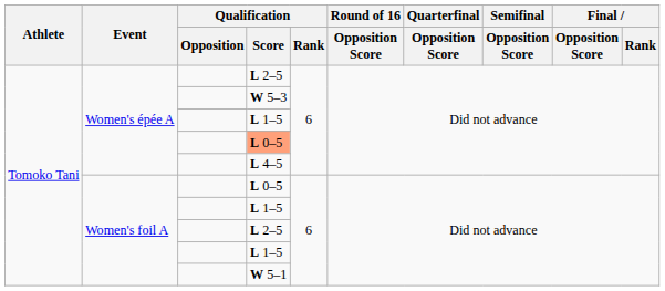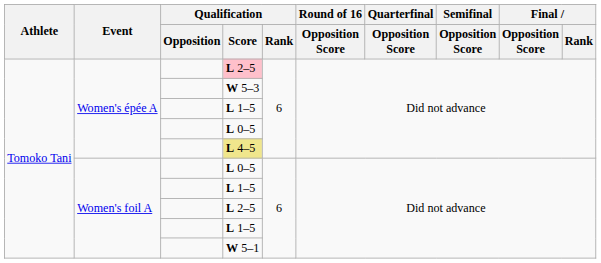 <table class=wikitable style="font-size:90%">
 <tr>
 <th rowspan="2">Athlete</th>
 <th rowspan="2">Event</th>
 <th colspan="3">Qualification</th>
 <th>Round of 16</th>
 <th>Quarterfinal</th>
 <th>Semifinal</th>
 <th colspan="2">Final / </th>
 </tr>
 <tr>
 <th>Opposition</th>
 <th>Score</th>
 <th>Rank</th>
 <th>Opposition<br>Score</th>
 <th>Opposition<br>Score</th>
 <th>Opposition<br>Score</th>
 <th>Opposition<br>Score</th>
 <th>Rank</th>
 </tr>
 <tr>
 <td rowspan=10><a href='#'>Tomoko Tani</a></td>
 <td rowspan=5><a href='#'>Women's épée A</a></td>
 <td></td>
-<td><strong>L</strong> 2–5</td>
+<td style="background: pink;"><strong>L</strong> 2–5</td>
 <td align="center" rowspan=5>6</td>
 <td align="center" rowspan=5 colspan=5>Did not advance</td>
 </tr>
 <tr>
 <td></td>
 <td><strong>W</strong> 5–3</td>
 </tr>
 <tr>
 <td></td>
 <td><strong>L</strong> 1–5</td>
 </tr>
 <tr>
 <td></td>
-<td style="background: lightsalmon;"><strong>L</strong> 0–5</td>
+<td><strong>L</strong> 0–5</td>
 </tr>
 <tr>
 <td></td>
-<td><strong>L</strong> 4–5</td>
+<td style="background: khaki;"><strong>L</strong> 4–5</td>
 </tr>
 <tr>
 <td rowspan=5><a href='#'>Women's foil A</a></td>
 <td></td>
 <td><strong>L</strong> 0–5</td>
 <td align="center" rowspan=5>6</td>
 <td align="center" rowspan=5 colspan=5>Did not advance</td>
 </tr>
 <tr>
 <td></td>
 <td><strong>L</strong> 1–5</td>
 </tr>
 <tr>
 <td></td>
 <td><strong>L</strong> 2–5</td>
 </tr>
 <tr>
 <td></td>
 <td><strong>L</strong> 1–5</td>
 </tr>
 <tr>
 <td></td>
 <td><strong>W</strong> 5–1</td>
 </tr>
 </table>
